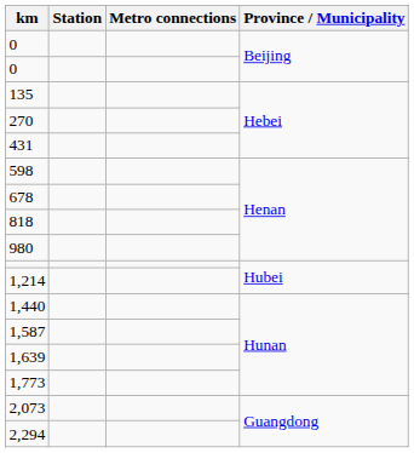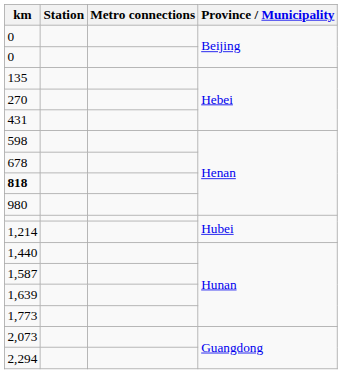 <table class="wikitable sortable">
 <tr>
 <th>km</th>
 <th>Station</th>
 <th>Metro connections</th>
 <th>Province / <a href='#'>Municipality</a></th>
 </tr>
 <tr>
 <td>0</td>
 <td></td>
 <td>  </td>
 <td rowspan=2><a href='#'>Beijing</a></td>
 </tr>
 <tr>
 <td>0</td>
 <td></td>
 <td>  </td>
 </tr>
 <tr>
 <td>135</td>
 <td></td>
 <td></td>
 <td rowspan=3><a href='#'>Hebei</a></td>
 </tr>
 <tr>
 <td>270</td>
 <td></td>
 <td>  </td>
 </tr>
 <tr>
 <td>431</td>
 <td></td>
 <td></td>
 </tr>
 <tr>
 <td>598</td>
 <td></td>
 <td></td>
 <td rowspan=4><a href='#'>Henan</a></td>
 </tr>
 <tr>
 <td>678</td>
 <td></td>
 <td> </td>
 </tr>
 <tr>
-<td>818</td>
+<td><strong>818</strong></td>
 <td></td>
 <td></td>
 </tr>
 <tr>
 <td>980</td>
 <td></td>
 <td></td>
 </tr>
 <tr>
 <td></td>
 <td></td>
 <td> </td>
 <td rowspan=2><a href='#'>Hubei</a></td>
 </tr>
 <tr>
 <td>1,214</td>
 <td></td>
 <td>  </td>
 </tr>
 <tr>
 <td>1,440</td>
 <td></td>
 <td></td>
 <td rowspan=4><a href='#'>Hunan</a></td>
 </tr>
 <tr>
 <td>1,587</td>
 <td></td>
 <td>  </td>
 </tr>
 <tr>
 <td>1,639</td>
 <td></td>
 <td></td>
 </tr>
 <tr>
 <td>1,773</td>
 <td></td>
 <td></td>
 </tr>
 <tr>
 <td>2,073</td>
 <td></td>
 <td></td>
 <td rowspan=2><a href='#'>Guangdong</a></td>
 </tr>
 <tr>
 <td>2,294</td>
 <td></td>
 <td>  </td>
 </tr>
 </table>
